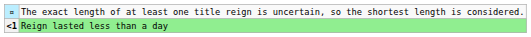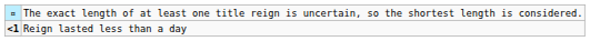 <table class="wikitable">
 <tr>
 <td style="background-color:#bbeeff;text-align:center;">¤</td>
 <td>The exact length of at least one title reign is uncertain, so the shortest length is considered.</td>
 </tr>
 <tr>
 <th><1</th>
-<td style="background: lightgreen;">Reign lasted less than a day</td>
+<td>Reign lasted less than a day</td>
 </tr>
 </table>
